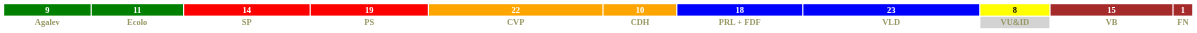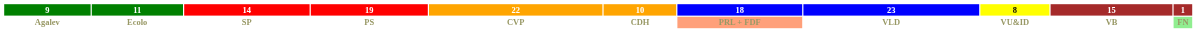 <table style="width:100%; font-size:88%; text-align:center;">
 <tr style="font-weight:bold">
 <td style="background:green; width:7.0%; color:white">9</td>
 <td style="background:green; width:7.4%; color:white">11</td>
 <td style="background:red; width:10.2%; color:white">14</td>
 <td style="background:red; width:9.5%; color:white">19</td>
 <td style="background:orange; width:14.1%; color:white">22</td>
 <td style="background:orange; width:5.9%; color:white">10</td>
 <td style="background:blue; width:10.1%; color:white">18</td>
 <td style="background:blue; width:14.3%; color:white">23</td>
 <td style="background:yellow; width:5.6%; color:black">8</td>
 <td style="background:brown; width:9.9%; color:white">15</td>
 <td style="background:brown; width:1.5%; color:white">1</td>
 </tr>
 <tr style="font-weight:bold; color:#996;">
 <td>Agalev</td>
 <td>Ecolo</td>
 <td>SP</td>
 <td>PS</td>
 <td>CVP</td>
 <td>CDH</td>
-<td>PRL + FDF</td>
+<td style="background: lightsalmon;">PRL + FDF</td>
 <td>VLD</td>
-<td style="background: lightgrey;">VU&ID</td>
+<td>VU&ID</td>
 <td>VB</td>
-<td>FN</td>
+<td style="background: lightgreen;">FN</td>
 </tr>
 </table>
